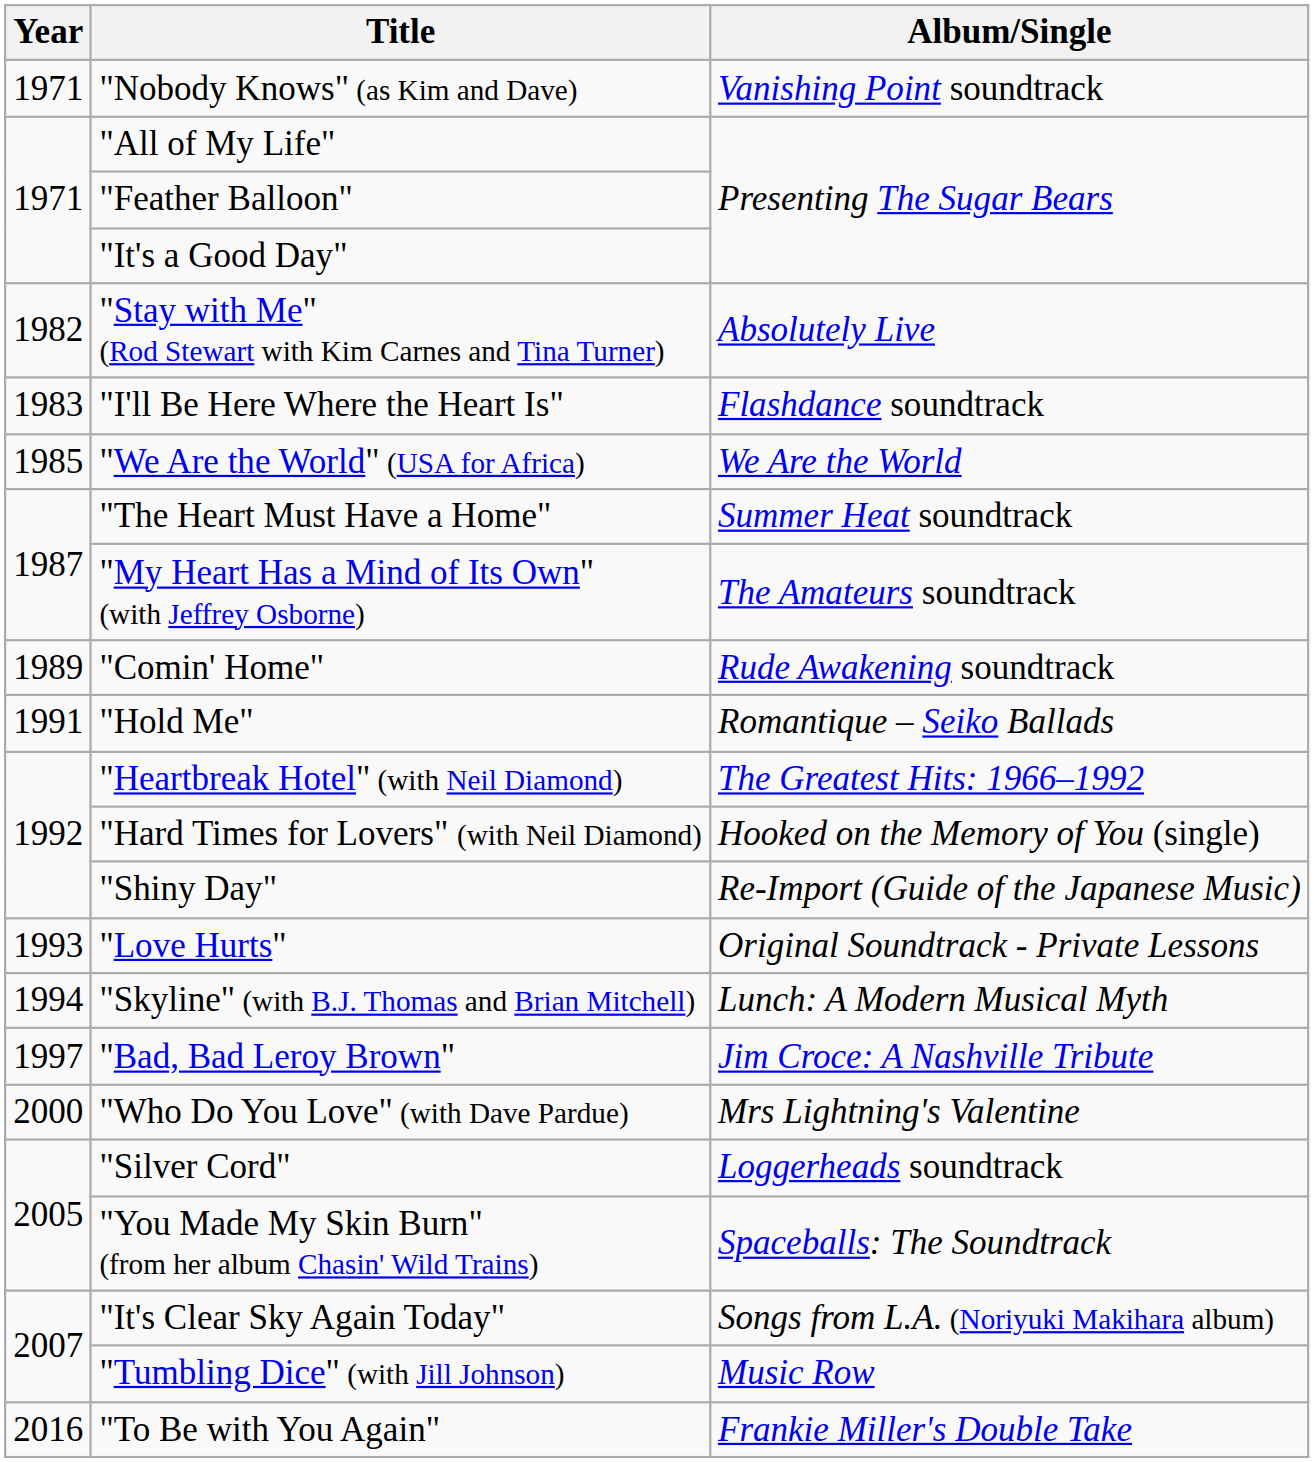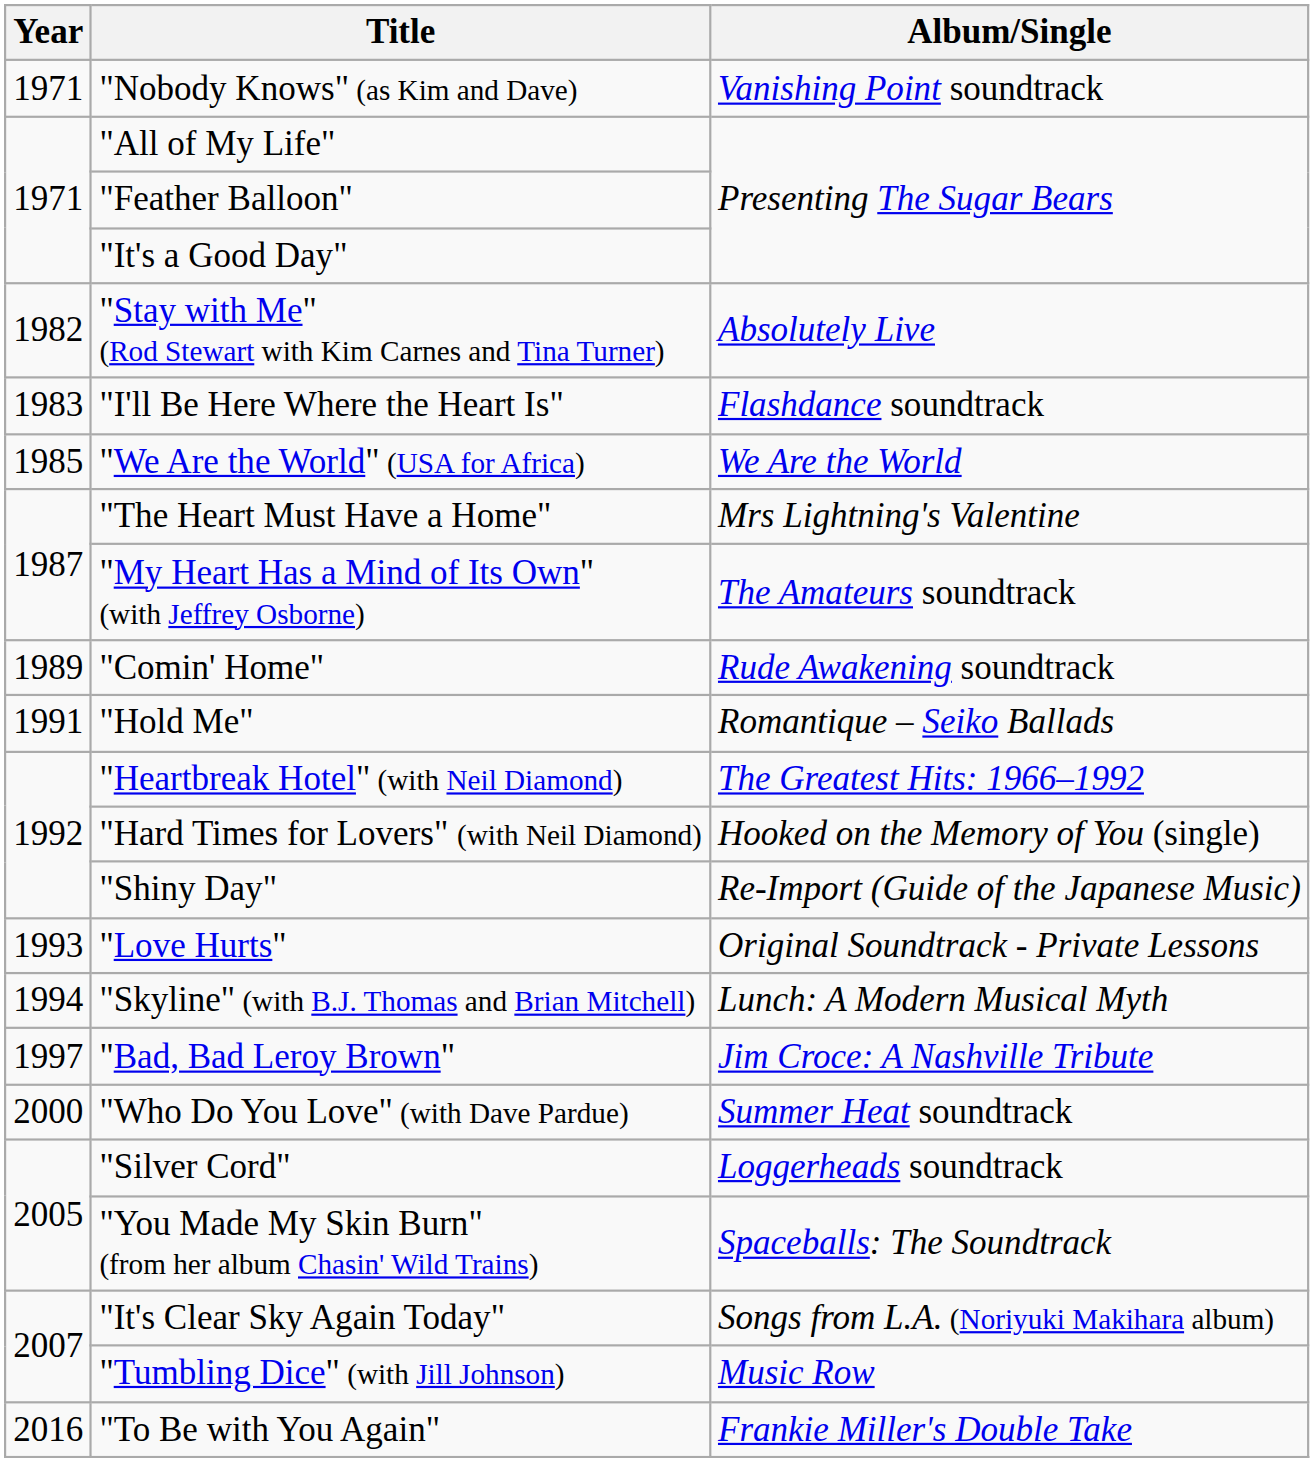 <table class="wikitable">
 <tr>
 <th>Year</th>
 <th>Title</th>
 <th>Album/Single</th>
 </tr>
 <tr>
 <td>1971</td>
 <td>"Nobody Knows"<small> (as Kim and Dave)</small></td>
 <td><em><a href='#'>Vanishing Point</a></em> soundtrack</td>
 </tr>
 <tr>
 <td rowspan="3">1971</td>
 <td>"All of My Life"</td>
 <td rowspan="3"><em>Presenting <a href='#'>The Sugar Bears</a></em></td>
 </tr>
 <tr>
 <td>"Feather Balloon"</td>
 </tr>
 <tr>
 <td>"It's a Good Day"</td>
 </tr>
 <tr>
 <td>1982</td>
 <td>"<a href='#'>Stay with Me</a>"<br><small>(<a href='#'>Rod Stewart</a> with Kim Carnes and <a href='#'>Tina Turner</a>)</small></td>
 <td><em> <a href='#'>Absolutely Live</a></em></td>
 </tr>
 <tr>
 <td>1983</td>
 <td>"I'll Be Here Where the Heart Is"</td>
 <td><em><a href='#'>Flashdance</a></em> soundtrack</td>
 </tr>
 <tr>
 <td>1985</td>
 <td>"<a href='#'>We Are the World</a>"<small> (<a href='#'>USA for Africa</a>)</small></td>
 <td><em><a href='#'>We Are the World</a></em></td>
 </tr>
 <tr>
 <td rowspan="2">1987</td>
 <td>"The Heart Must Have a Home"</td>
-<td><em><a href='#'>Summer Heat</a></em> soundtrack</td>
+<td><em>Mrs Lightning's Valentine</em></td>
 </tr>
 <tr>
 <td>"<a href='#'>My Heart Has a Mind of Its Own</a>"<br><small>(with <a href='#'>Jeffrey Osborne</a>)</small></td>
 <td><em><a href='#'>The Amateurs</a></em> soundtrack</td>
 </tr>
 <tr>
 <td>1989</td>
 <td>"Comin' Home"</td>
 <td><em><a href='#'>Rude Awakening</a></em> soundtrack</td>
 </tr>
 <tr>
 <td>1991</td>
 <td>"Hold Me"</td>
 <td><em>Romantique – <a href='#'>Seiko</a> Ballads</em></td>
 </tr>
 <tr>
 <td rowspan="3">1992</td>
 <td>"<a href='#'>Heartbreak Hotel</a>"<small> (with <a href='#'>Neil Diamond</a>)</small></td>
 <td><em><a href='#'>The Greatest Hits: 1966–1992</a></em></td>
 </tr>
 <tr>
 <td>"Hard Times for Lovers" <small>(with Neil Diamond)</small></td>
 <td><em>Hooked on the Memory of You</em> (single)</td>
 </tr>
 <tr>
 <td>"Shiny Day"</td>
 <td><em>Re-Import (Guide of the Japanese Music)</em></td>
 </tr>
 <tr>
 <td>1993</td>
 <td>"<a href='#'>Love Hurts</a>"</td>
 <td><em>Original Soundtrack - Private Lessons</em></td>
 </tr>
 <tr>
 <td>1994</td>
 <td>"Skyline"<small> (with <a href='#'>B.J. Thomas</a> and <a href='#'>Brian Mitchell</a>)</small></td>
 <td><em>Lunch: A Modern Musical Myth</em></td>
 </tr>
 <tr>
 <td>1997</td>
 <td>"<a href='#'>Bad, Bad Leroy Brown</a>"</td>
 <td><em><a href='#'>Jim Croce: A Nashville Tribute</a></em></td>
 </tr>
 <tr>
 <td>2000</td>
 <td>"Who Do You Love"<small> (with Dave Pardue)</small></td>
-<td><em>Mrs Lightning's Valentine</em></td>
+<td><em><a href='#'>Summer Heat</a></em> soundtrack</td>
 </tr>
 <tr>
 <td rowspan="2">2005</td>
 <td>"Silver Cord"</td>
 <td><em><a href='#'>Loggerheads</a></em> soundtrack</td>
 </tr>
 <tr>
 <td>"You Made My Skin Burn"<br><small>(from her album <a href='#'>Chasin' Wild Trains</a>)</small></td>
 <td><em><a href='#'>Spaceballs</a>: The Soundtrack</em></td>
 </tr>
 <tr>
 <td rowspan="2">2007</td>
 <td>"It's Clear Sky Again Today"</td>
 <td><em>Songs from L.A.</em><small> (<a href='#'>Noriyuki Makihara</a> album)</small></td>
 </tr>
 <tr>
 <td>"<a href='#'>Tumbling Dice</a>"<small> (with <a href='#'>Jill Johnson</a>)</small></td>
 <td><em><a href='#'>Music Row</a></em></td>
 </tr>
 <tr>
 <td>2016</td>
 <td>"To Be with You Again"</td>
 <td><em><a href='#'>Frankie Miller's Double Take</a></em></td>
 </tr>
 <tr>
 </tr>
 </table>
